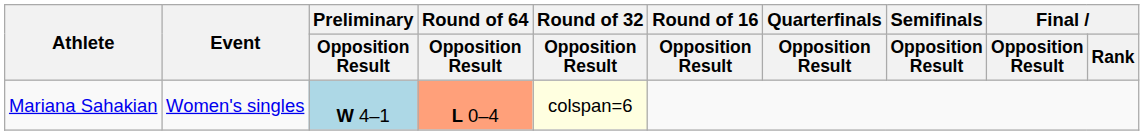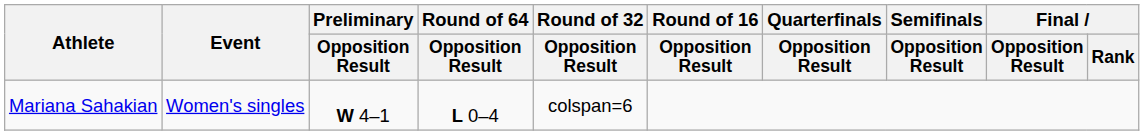 <table class="wikitable" style="font-size:90%;">
 <tr>
 <th rowspan=2>Athlete</th>
 <th rowspan=2>Event</th>
 <th>Preliminary</th>
 <th>Round of 64</th>
 <th>Round of 32</th>
 <th>Round of 16</th>
 <th>Quarterfinals</th>
 <th>Semifinals</th>
 <th colspan=2>Final / </th>
 </tr>
 <tr style="font-size:95%">
 <th>Opposition<br>Result</th>
 <th>Opposition<br>Result</th>
 <th>Opposition<br>Result</th>
 <th>Opposition<br>Result</th>
 <th>Opposition<br>Result</th>
 <th>Opposition<br>Result</th>
 <th>Opposition<br>Result</th>
 <th>Rank</th>
 </tr>
 <tr align=center>
 <td align=left><a href='#'>Mariana Sahakian</a></td>
 <td align=left><a href='#'>Women's singles</a></td>
-<td style="background: lightblue;"><br><strong>W</strong> 4–1</td>
-<td style="background: lightsalmon;"><br><strong>L</strong> 0–4</td>
-<td style="background: lightyellow;">colspan=6 </td>
+<td><br><strong>W</strong> 4–1</td>
+<td><br><strong>L</strong> 0–4</td>
+<td>colspan=6 </td>
 </tr>
 </table>
